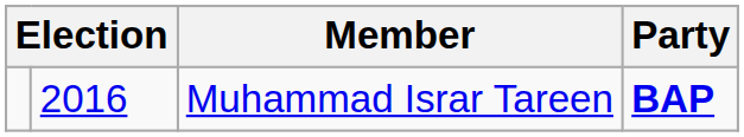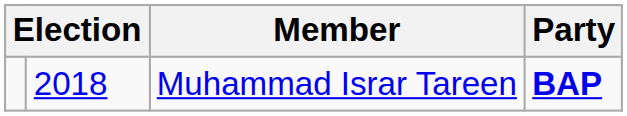 <table class="wikitable">
 <tr>
 <th colspan="2">Election</th>
 <th>Member</th>
 <th>Party</th>
 </tr>
 <tr>
 <td style="background-color: "></td>
-<td><a href='#'>2016</a></td>
+<td><a href='#'>2018</a></td>
 <td><a href='#'>Muhammad Israr Tareen</a></td>
 <td><strong><a href='#'>BAP</a></strong></td>
 </tr>
 </table>
